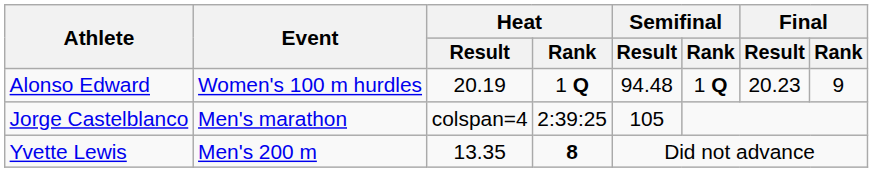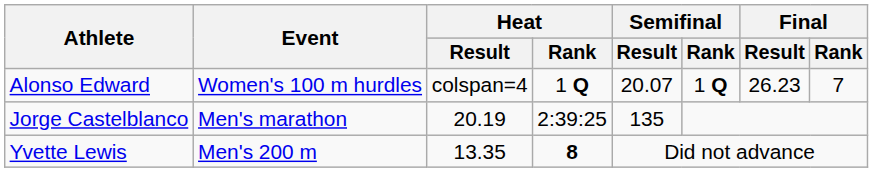 <table class="wikitable" style="font-size:90%">
 <tr>
 <th rowspan="2">Athlete</th>
 <th rowspan="2">Event</th>
 <th colspan="2">Heat</th>
 <th colspan="2">Semifinal</th>
 <th colspan="2">Final</th>
 </tr>
 <tr style="font-size:95%">
 <th>Result</th>
 <th>Rank</th>
 <th>Result</th>
 <th>Rank</th>
 <th>Result</th>
 <th>Rank</th>
 </tr>
 <tr align=center>
 <td align=left><a href='#'>Alonso Edward</a></td>
 <td align=left><a href='#'>Women's 100 m hurdles</a></td>
-<td>20.19</td>
+<td>colspan=4 </td>
 <td>1 <strong>Q</strong></td>
-<td>94.48</td>
+<td>20.07</td>
 <td>1 <strong>Q</strong></td>
-<td>20.23</td>
-<td>9</td>
+<td>26.23</td>
+<td>7</td>
 </tr>
 <tr align=center>
 <td align=left><a href='#'>Jorge Castelblanco</a></td>
 <td align=left><a href='#'>Men's marathon</a></td>
-<td>colspan=4 </td>
+<td>20.19</td>
 <td>2:39:25</td>
-<td>105</td>
+<td>135</td>
 </tr>
 <tr align=center>
 <td align=left><a href='#'>Yvette Lewis</a></td>
 <td align=left><a href='#'>Men's 200 m</a></td>
 <td>13.35</td>
 <td><strong>8</strong></td>
 <td colspan=4>Did not advance</td>
 </tr>
 </table>
